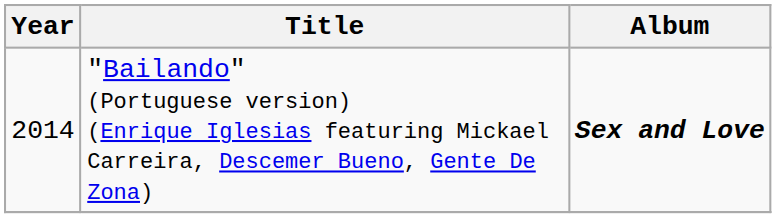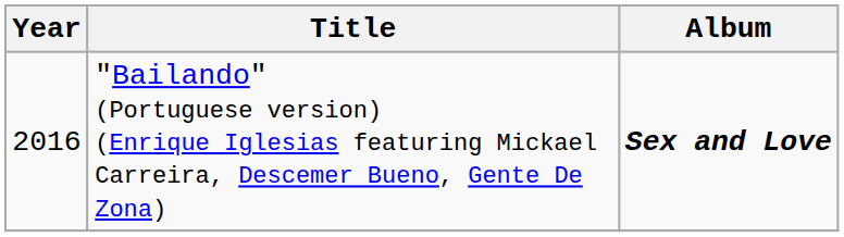 <table class="wikitable">
 <tr>
 <th>Year</th>
 <th style="width:18em;">Title</th>
 <th>Album</th>
 </tr>
 <tr>
-<td align="center" rowspan="">2014</td>
+<td align="center" rowspan="">2016</td>
 <td>"<a href='#'>Bailando</a>" <br><small>(Portuguese version)</small><br><small>(<a href='#'>Enrique Iglesias</a> featuring Mickael Carreira, <a href='#'>Descemer Bueno</a>, <a href='#'>Gente De Zona</a>)</small></td>
 <td align="center"><strong><em>Sex and Love</em></strong></td>
 </tr>
 <tr>
 </tr>
 </table>
